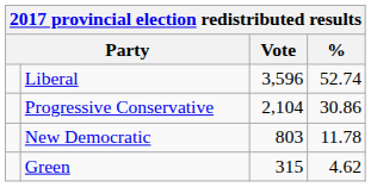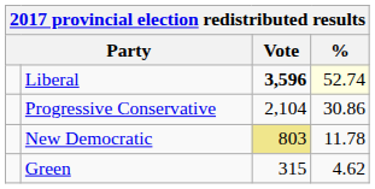 <table class="wikitable">
 <tr>
 <th colspan="4"><a href='#'>2017 provincial election</a> redistributed results</th>
 </tr>
 <tr>
 <th colspan="2">Party</th>
 <th>Vote</th>
 <th>%</th>
 </tr>
 <tr>
 <td> </td>
 <td><a href='#'>Liberal</a></td>
-<td align=right>3,596</td>
-<td align=right>52.74</td>
+<td align=right><strong>3,596</strong></td>
+<td align=right style="background: lightyellow;">52.74</td>
 </tr>
 <tr>
 <td> </td>
 <td><a href='#'>Progressive Conservative</a></td>
 <td align=right>2,104</td>
 <td align=right>30.86</td>
 </tr>
 <tr>
 <td> </td>
 <td><a href='#'>New Democratic</a></td>
-<td align=right>803</td>
+<td align=right style="background: khaki;">803</td>
 <td align=right>11.78</td>
 </tr>
 <tr>
 <td> </td>
 <td><a href='#'>Green</a></td>
 <td align=right>315</td>
 <td align=right>4.62</td>
 </tr>
 </table>
